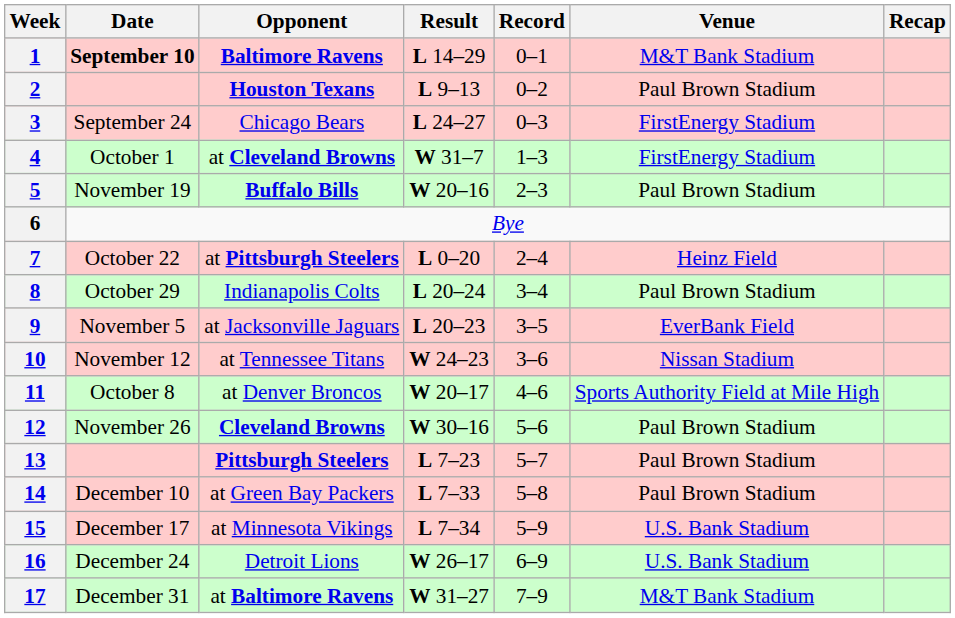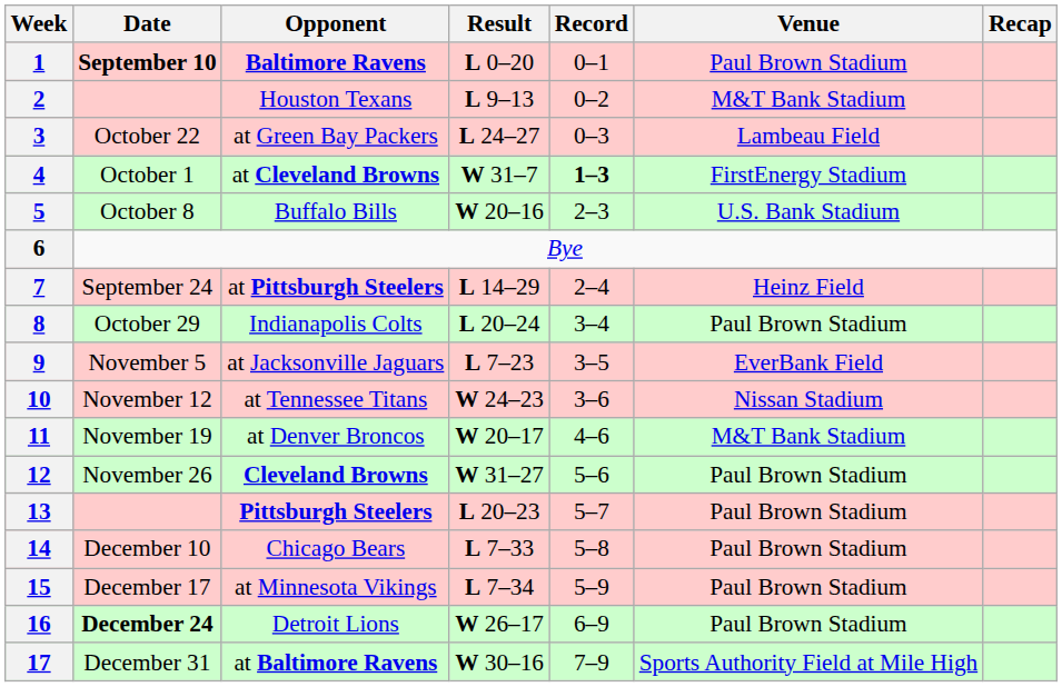 <table class="wikitable" style="text-align:center">
 <tr>
 <th>Week</th>
 <th>Date</th>
 <th>Opponent</th>
 <th>Result</th>
 <th>Record</th>
 <th>Venue</th>
 <th>Recap</th>
 </tr>
 <tr style="background:#fcc">
 <th><a href='#'>1</a></th>
 <td><strong>September 10</strong></td>
 <td><strong><a href='#'>Baltimore Ravens</a></strong></td>
-<td><strong>L</strong> 14–29</td>
+<td><strong>L</strong> 0–20</td>
 <td>0–1</td>
-<td><a href='#'>M&T Bank Stadium</a></td>
+<td><a href='#'>Paul Brown Stadium</a></td>
 <td></td>
 </tr>
 <tr style="background:#fcc">
 <th><a href='#'>2</a></th>
 <td></td>
-<td><strong><a href='#'>Houston Texans</a></strong></td>
+<td><a href='#'>Houston Texans</a></td>
 <td><strong>L</strong> 9–13</td>
 <td>0–2</td>
-<td>Paul Brown Stadium</td>
+<td><a href='#'>M&T Bank Stadium</a></td>
 <td></td>
 </tr>
 <tr style="background:#fcc">
 <th><a href='#'>3</a></th>
-<td>September 24</td>
-<td><a href='#'>Chicago Bears</a></td>
+<td>October 22</td>
+<td>at <a href='#'>Green Bay Packers</a></td>
 <td><strong>L</strong> 24–27 </td>
 <td>0–3</td>
-<td><a href='#'>FirstEnergy Stadium</a></td>
+<td><a href='#'>Lambeau Field</a></td>
 <td></td>
 </tr>
 <tr style="background:#cfc">
 <th><a href='#'>4</a></th>
 <td>October 1</td>
 <td>at <strong><a href='#'>Cleveland Browns</a></strong></td>
 <td><strong>W</strong> 31–7</td>
-<td>1–3</td>
+<td><strong>1–3</strong></td>
 <td><a href='#'>FirstEnergy Stadium</a></td>
 <td></td>
 </tr>
 <tr style="background:#cfc">
 <th><a href='#'>5</a></th>
-<td>November 19</td>
-<td><strong><a href='#'>Buffalo Bills</a></strong></td>
+<td>October 8</td>
+<td><a href='#'>Buffalo Bills</a></td>
 <td><strong>W</strong> 20–16</td>
 <td>2–3</td>
-<td>Paul Brown Stadium</td>
+<td><a href='#'>U.S. Bank Stadium</a></td>
 <td></td>
 </tr>
 <tr>
 <th>6</th>
 <td colspan="6"><em><a href='#'>Bye</a></em></td>
 </tr>
 <tr style="background:#fcc">
 <th><a href='#'>7</a></th>
-<td>October 22</td>
+<td>September 24</td>
 <td>at <strong><a href='#'>Pittsburgh Steelers</a></strong></td>
-<td><strong>L</strong> 0–20</td>
+<td><strong>L</strong> 14–29</td>
 <td>2–4</td>
 <td><a href='#'>Heinz Field</a></td>
 <td></td>
 </tr>
 <tr style="background:#cfc">
 <th><a href='#'>8</a></th>
 <td>October 29</td>
 <td><a href='#'>Indianapolis Colts</a></td>
 <td><strong>L</strong> 20–24</td>
 <td>3–4</td>
 <td>Paul Brown Stadium</td>
 <td></td>
 </tr>
 <tr style="background:#fcc">
 <th><a href='#'>9</a></th>
 <td>November 5</td>
 <td>at <a href='#'>Jacksonville Jaguars</a></td>
-<td><strong>L</strong> 20–23</td>
+<td><strong>L</strong> 7–23</td>
 <td>3–5</td>
 <td><a href='#'>EverBank Field</a></td>
 <td></td>
 </tr>
 <tr style="background:#fcc">
 <th><a href='#'>10</a></th>
 <td>November 12</td>
 <td>at <a href='#'>Tennessee Titans</a></td>
 <td><strong>W</strong> 24–23</td>
 <td>3–6</td>
 <td><a href='#'>Nissan Stadium</a></td>
 <td></td>
 </tr>
 <tr style="background:#cfc">
 <th><a href='#'>11</a></th>
-<td>October 8</td>
+<td>November 19</td>
 <td>at <a href='#'>Denver Broncos</a></td>
 <td><strong>W</strong> 20–17</td>
 <td>4–6</td>
-<td><a href='#'>Sports Authority Field at Mile High</a></td>
+<td><a href='#'>M&T Bank Stadium</a></td>
 <td></td>
 </tr>
 <tr style="background:#cfc">
 <th><a href='#'>12</a></th>
 <td>November 26</td>
 <td><strong><a href='#'>Cleveland Browns</a></strong></td>
-<td><strong>W</strong> 30–16</td>
+<td><strong>W</strong> 31–27</td>
 <td>5–6</td>
 <td>Paul Brown Stadium</td>
 <td></td>
 </tr>
 <tr style="background:#fcc">
 <th><a href='#'>13</a></th>
 <td></td>
 <td><strong><a href='#'>Pittsburgh Steelers</a></strong></td>
-<td><strong>L</strong> 7–23</td>
+<td><strong>L</strong> 20–23</td>
 <td>5–7</td>
 <td>Paul Brown Stadium</td>
 <td></td>
 </tr>
 <tr style="background:#fcc">
 <th><a href='#'>14</a></th>
 <td>December 10</td>
-<td>at <a href='#'>Green Bay Packers</a></td>
+<td><a href='#'>Chicago Bears</a></td>
 <td><strong>L</strong> 7–33</td>
 <td>5–8</td>
 <td>Paul Brown Stadium</td>
 <td></td>
 </tr>
 <tr style="background:#fcc">
 <th><a href='#'>15</a></th>
 <td>December 17</td>
 <td>at <a href='#'>Minnesota Vikings</a></td>
 <td><strong>L</strong> 7–34</td>
 <td>5–9</td>
-<td><a href='#'>U.S. Bank Stadium</a></td>
+<td>Paul Brown Stadium</td>
 <td></td>
 </tr>
 <tr style="background:#cfc">
 <th><a href='#'>16</a></th>
-<td>December 24</td>
+<td><strong>December 24</strong></td>
 <td><a href='#'>Detroit Lions</a></td>
 <td><strong>W</strong> 26–17</td>
 <td>6–9</td>
-<td><a href='#'>U.S. Bank Stadium</a></td>
+<td>Paul Brown Stadium</td>
 <td></td>
 </tr>
 <tr style="background:#cfc">
 <th><a href='#'>17</a></th>
 <td>December 31</td>
 <td>at <strong><a href='#'>Baltimore Ravens</a></strong></td>
-<td><strong>W</strong> 31–27</td>
+<td><strong>W</strong> 30–16</td>
 <td>7–9</td>
-<td><a href='#'>M&T Bank Stadium</a></td>
+<td><a href='#'>Sports Authority Field at Mile High</a></td>
 <td></td>
 </tr>
 </table>
